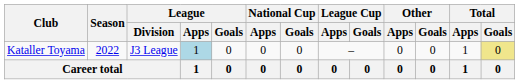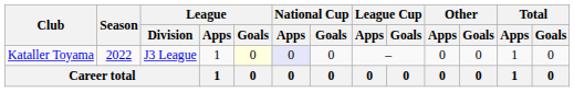 <table class="wikitable" style="text-align: center">
 <tr>
 <th rowspan="2">Club</th>
 <th rowspan="2">Season</th>
 <th colspan="3">League</th>
 <th colspan="2">National Cup</th>
 <th colspan="2">League Cup</th>
 <th colspan="2">Other</th>
 <th colspan="2">Total</th>
 </tr>
 <tr>
 <th>Division</th>
 <th>Apps</th>
 <th>Goals</th>
 <th>Apps</th>
 <th>Goals</th>
 <th>Apps</th>
 <th>Goals</th>
 <th>Apps</th>
 <th>Goals</th>
 <th>Apps</th>
 <th>Goals</th>
 </tr>
 <tr>
 <td><a href='#'>Kataller Toyama</a></td>
 <td><a href='#'>2022</a></td>
 <td><a href='#'>J3 League</a></td>
-<td style="background: lightblue;">1</td>
-<td>0</td>
-<td>0</td>
+<td>1</td>
+<td style="background: lightyellow;">0</td>
+<td style="background: lavender;">0</td>
 <td>0</td>
 <td colspan="2">–</td>
 <td>0</td>
 <td>0</td>
 <td>1</td>
-<td style="background: khaki;">0</td>
+<td>0</td>
 </tr>
 <tr>
 <th colspan=3>Career total</th>
 <th>1</th>
 <th>0</th>
 <th>0</th>
 <th>0</th>
 <th>0</th>
 <th>0</th>
 <th>0</th>
 <th>0</th>
 <th>1</th>
 <th>0</th>
 </tr>
 </table>
